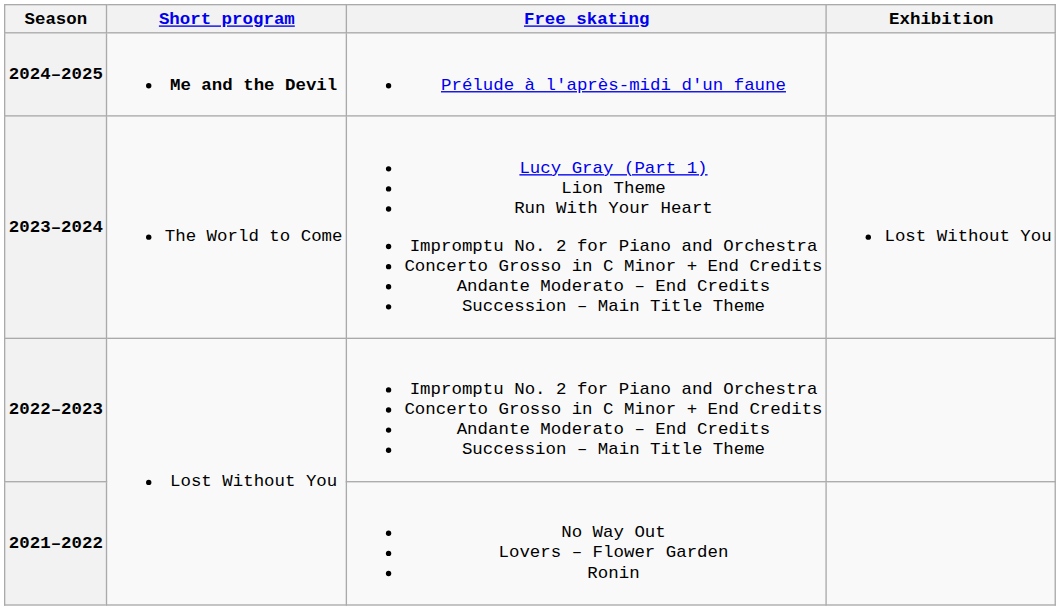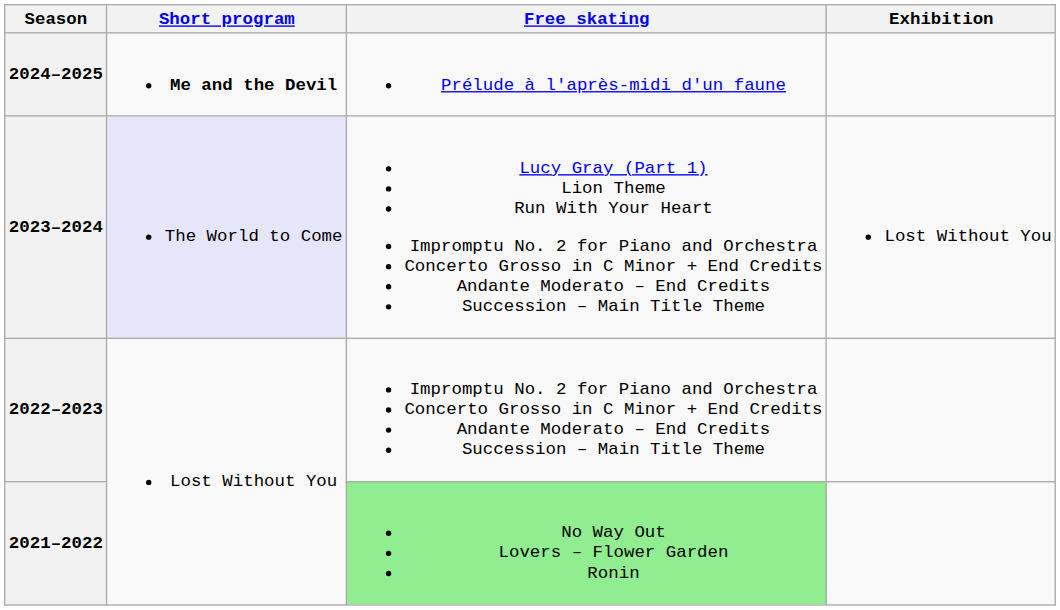 <table class="wikitable" style="text-align:center">
 <tr>
 <th>Season</th>
 <th><a href='#'>Short program</a></th>
 <th><a href='#'>Free skating</a></th>
 <th>Exhibition</th>
 </tr>
 <tr>
 <th>2024–2025 <br> </th>
 <td><strong><br><ul><li>Me and the Devil <br></li></ul></strong></td>
 <td><br><ul><li><a href='#'>Prélude à l'après-midi d'un faune</a> <br></li></ul></td>
 <td></td>
 </tr>
 <tr>
 <th>2023–2024 <br> </th>
-<td><br><ul><li>The World to Come <br> </li></ul></td>
+<td style="background: lavender;"><br><ul><li>The World to Come <br> </li></ul></td>
 <td><br><ul><li><a href='#'>Lucy Gray (Part 1)</a> <br> </li><li>Lion Theme <br> </li><li>Run With Your Heart <br> </li></ul><ul><li>Impromptu No. 2 for Piano and Orchestra</li><li>Concerto Grosso in C Minor + End Credits</li><li>Andante Moderato – End Credits</li><li>Succession – Main Title Theme <br> </li></ul></td>
 <td><br><ul><li>Lost Without You <br> </li></ul></td>
 </tr>
 <tr>
 <th>2022–2023 <br> </th>
 <td rowspan=2><br><ul><li>Lost Without You <br> </li></ul></td>
 <td><br><ul><li>Impromptu No. 2 for Piano and Orchestra</li><li>Concerto Grosso in C Minor + End Credits</li><li>Andante Moderato – End Credits</li><li>Succession – Main Title Theme <br> </li></ul></td>
 </tr>
 <tr>
 <th>2021–2022 <br> </th>
-<td><br><ul><li>No Way Out</li><li>Lovers – Flower Garden <br> </li><li>Ronin <br> </li></ul></td>
+<td style="background: lightgreen;"><br><ul><li>No Way Out</li><li>Lovers – Flower Garden <br> </li><li>Ronin <br> </li></ul></td>
 <td></td>
 </tr>
 </table>
